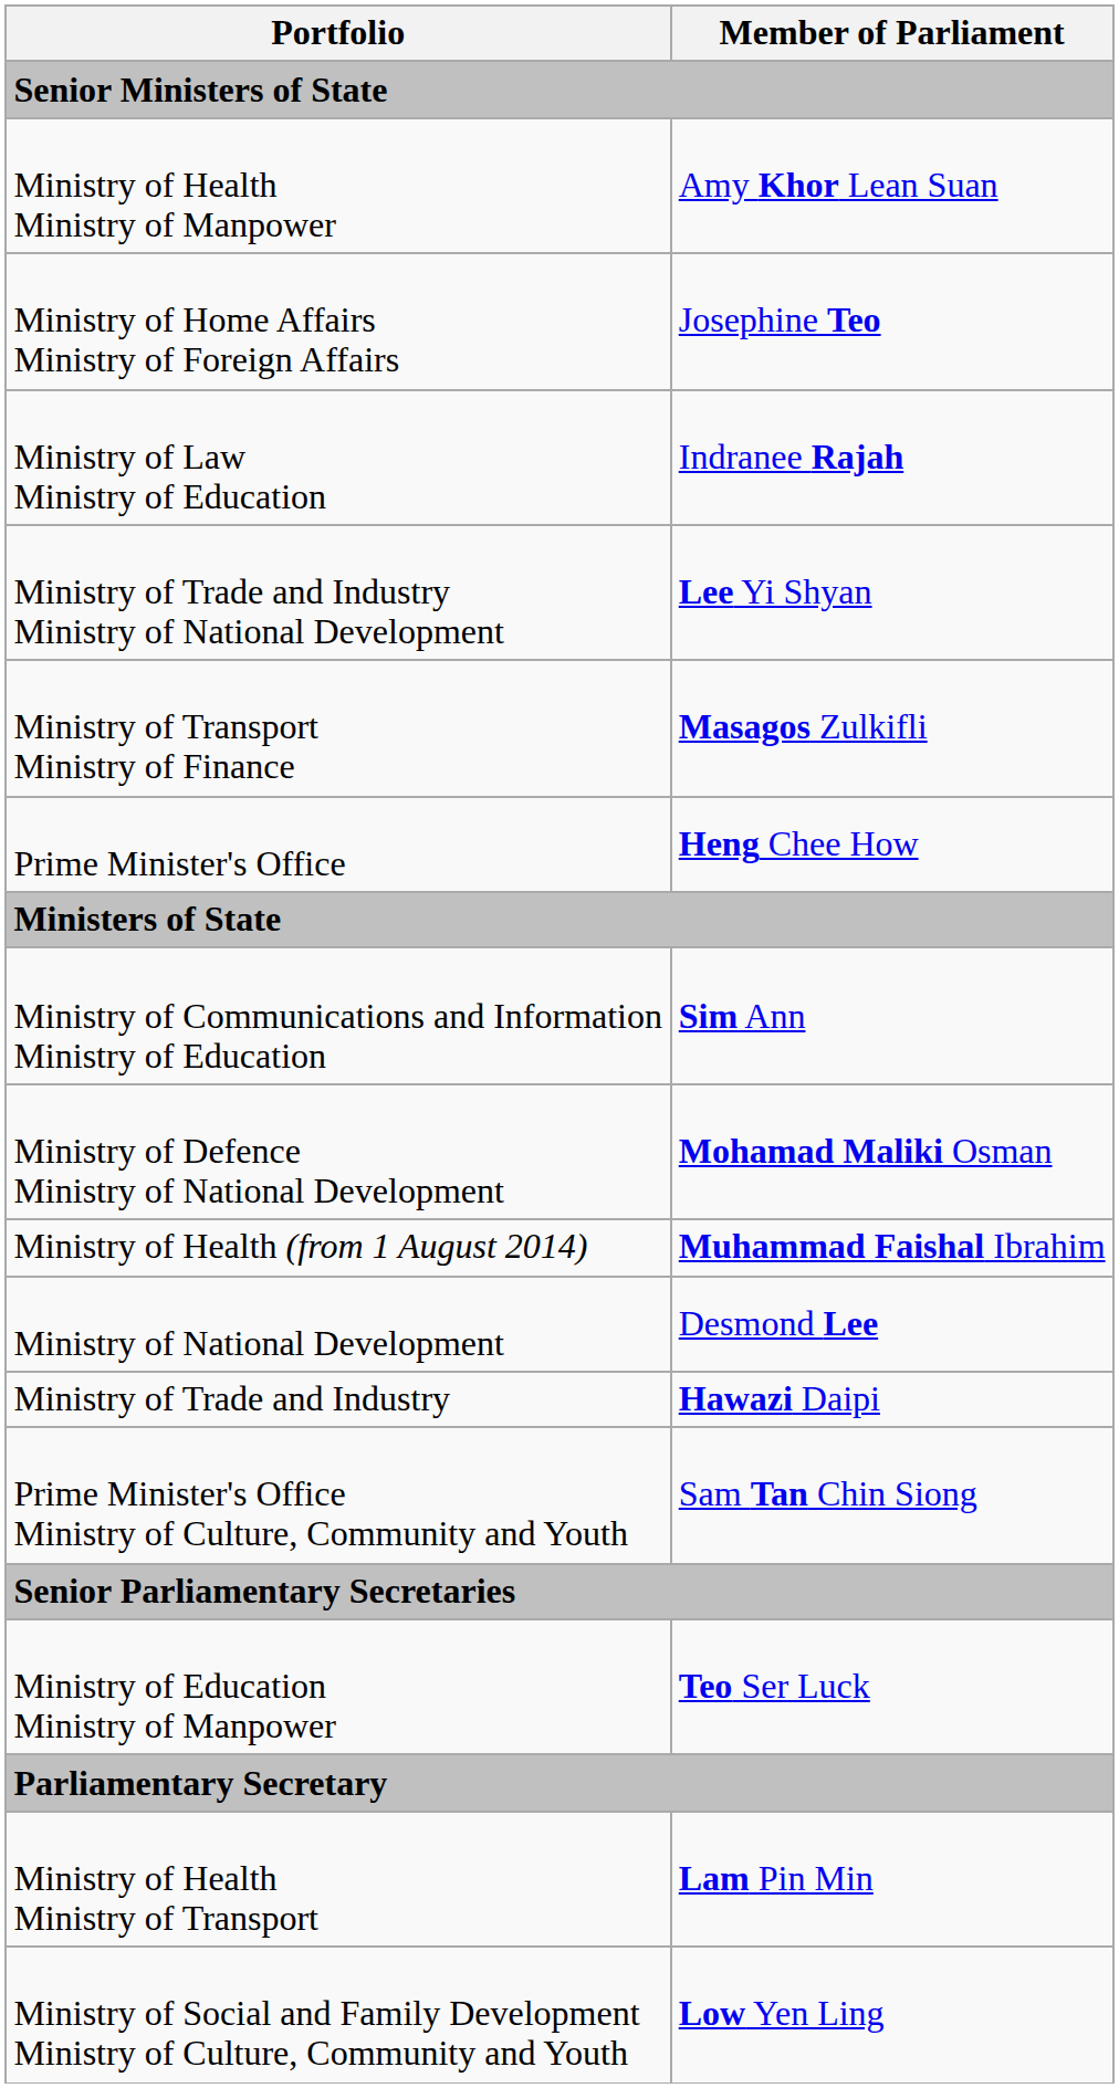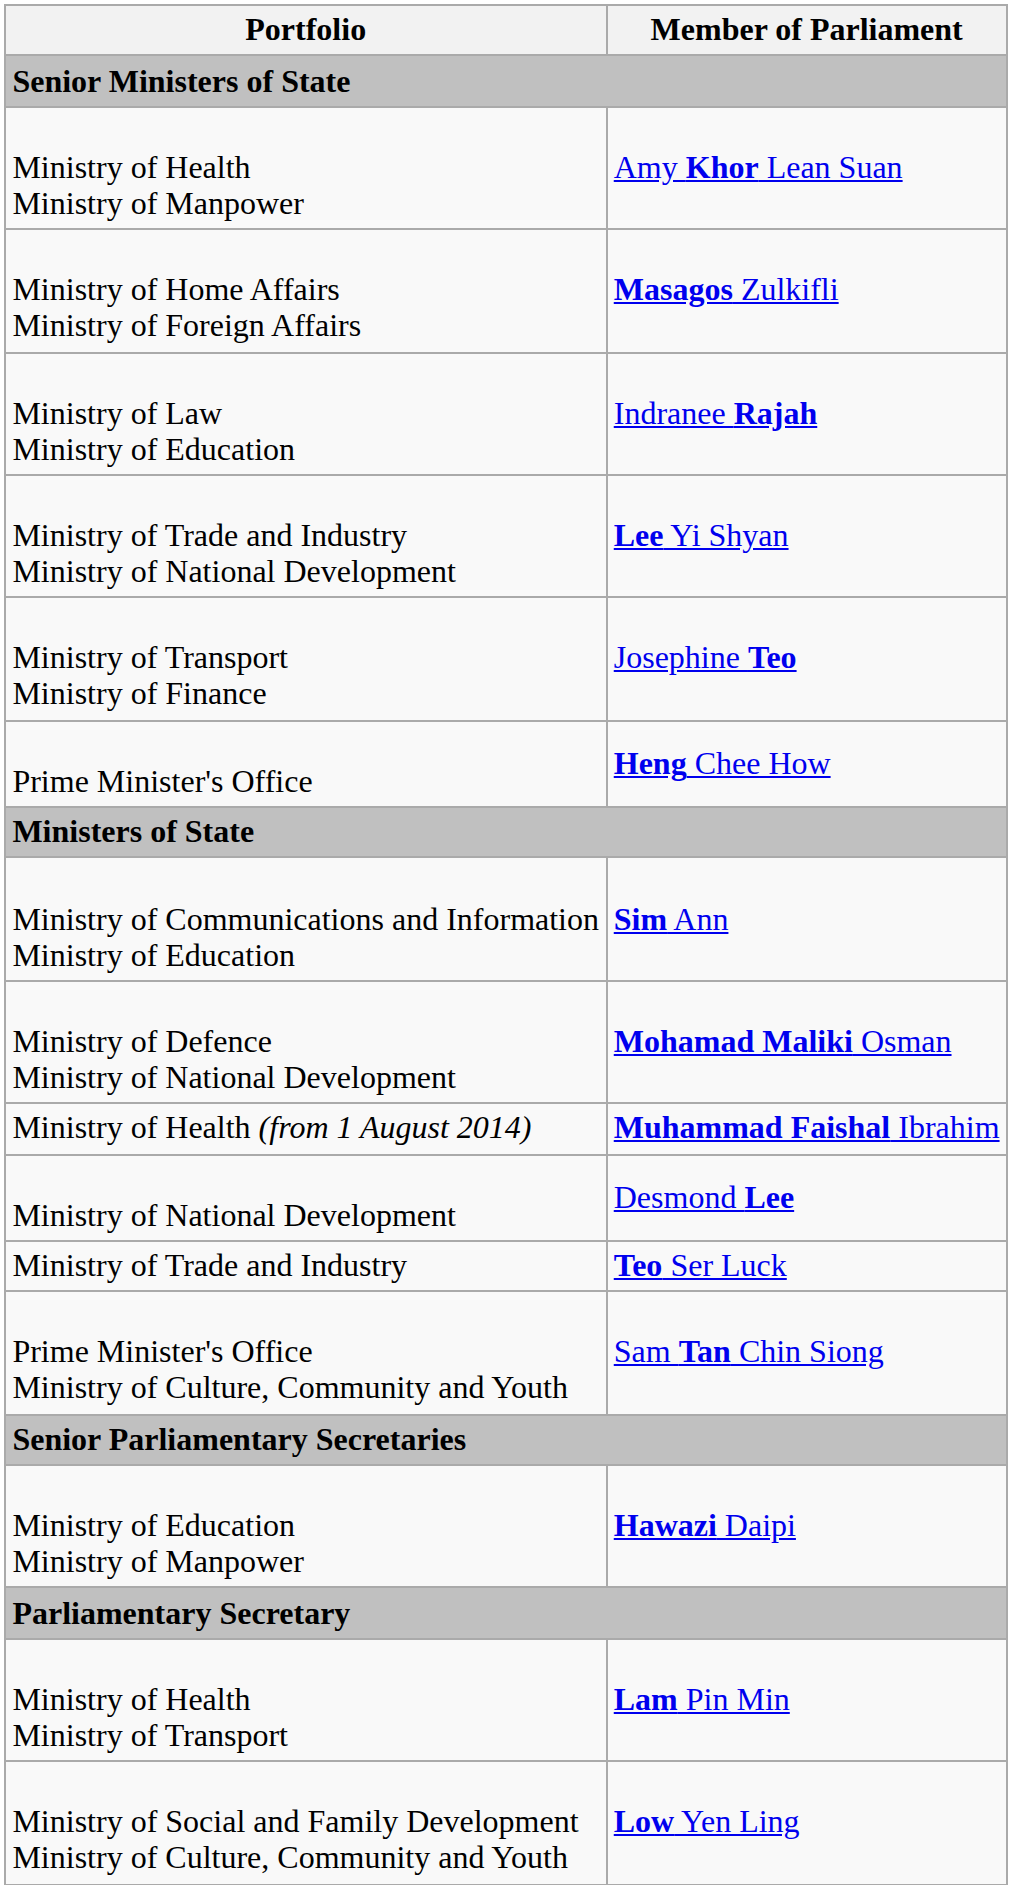 <table class="wikitable" style="margin: 1em auto 1em auto">
 <tr>
 <th>Portfolio</th>
 <th>Member of Parliament</th>
 </tr>
 <tr>
 <td colspan="2" style="background:silver;"><strong>Senior Ministers of State</strong></td>
 </tr>
 <tr>
 <td><br>Ministry of Health<br> Ministry of Manpower</td>
 <td><a href='#'>Amy <strong>Khor</strong> Lean Suan</a></td>
 </tr>
 <tr>
 <td><br>Ministry of Home Affairs<br> Ministry of Foreign Affairs</td>
-<td><a href='#'>Josephine <strong>Teo</strong></a></td>
+<td><a href='#'><strong>Masagos</strong> Zulkifli</a></td>
 </tr>
 <tr>
 <td><br>Ministry of Law<br> Ministry of Education</td>
 <td><a href='#'>Indranee <strong>Rajah</strong></a></td>
 </tr>
 <tr>
 <td><br>Ministry of Trade and Industry<br> Ministry of National Development</td>
 <td><a href='#'><strong>Lee</strong> Yi Shyan</a></td>
 </tr>
 <tr>
 <td><br>Ministry of Transport<br> Ministry of Finance</td>
-<td><a href='#'><strong>Masagos</strong> Zulkifli</a></td>
+<td><a href='#'>Josephine <strong>Teo</strong></a></td>
 </tr>
 <tr>
 <td><br>Prime Minister's Office</td>
 <td><a href='#'><strong>Heng</strong> Chee How</a></td>
 </tr>
 <tr>
 <td colspan="2" style="background:silver;"><strong>Ministers of State</strong></td>
 </tr>
 <tr>
 <td><br>Ministry of Communications and Information<br> Ministry of Education</td>
 <td><a href='#'><strong>Sim</strong> Ann</a></td>
 </tr>
 <tr>
 <td><br>Ministry of Defence<br> Ministry of National Development</td>
 <td><a href='#'><strong>Mohamad Maliki</strong> Osman</a></td>
 </tr>
 <tr>
 <td>Ministry of Health <em>(from 1 August 2014)</em></td>
 <td><a href='#'><strong>Muhammad Faishal</strong> Ibrahim</a></td>
 </tr>
 <tr>
 <td><br>Ministry of National Development</td>
 <td><a href='#'>Desmond <strong>Lee</strong></a></td>
 </tr>
 <tr>
 <td>Ministry of Trade and Industry</td>
-<td><a href='#'><strong>Hawazi</strong> Daipi</a></td>
+<td><a href='#'><strong>Teo</strong> Ser Luck</a></td>
 </tr>
 <tr>
 <td><br>Prime Minister's Office<br> Ministry of Culture, Community and Youth</td>
 <td><a href='#'>Sam <strong>Tan</strong> Chin Siong</a></td>
 </tr>
 <tr>
 <td colspan="2" style="background:silver;"><strong>Senior Parliamentary Secretaries</strong></td>
 </tr>
 <tr>
 <td><br>Ministry of Education<br> Ministry of Manpower</td>
-<td><a href='#'><strong>Teo</strong> Ser Luck</a></td>
+<td><a href='#'><strong>Hawazi</strong> Daipi</a></td>
 </tr>
 <tr>
 <td colspan="2" style="background:silver;"><strong>Parliamentary Secretary</strong></td>
 </tr>
 <tr>
 <td><br>Ministry of Health<br> Ministry of Transport</td>
 <td><a href='#'><strong>Lam</strong> Pin Min</a></td>
 </tr>
 <tr>
 <td><br>Ministry of Social and Family Development<br> Ministry of Culture, Community and Youth</td>
 <td><a href='#'><strong>Low</strong> Yen Ling</a></td>
 </tr>
 <tr>
 </tr>
 </table>
